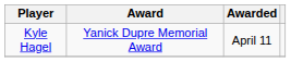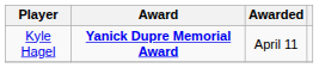 <table class="wikitable"  style="width:60%; text-align:center;">
 <tr>
 <th>Player</th>
 <th>Award</th>
 <th>Awarded</th>
 <th></th>
 </tr>
 <tr>
 <td><a href='#'>Kyle Hagel</a></td>
-<td><a href='#'>Yanick Dupre Memorial Award</a></td>
+<td><strong><a href='#'>Yanick Dupre Memorial Award</a></strong></td>
 <td>April 11</td>
 <td></td>
 </tr>
 <tr>
 </tr>
 </table>
